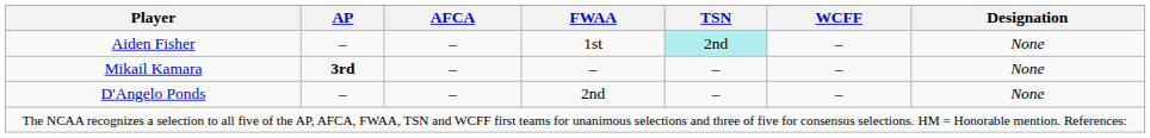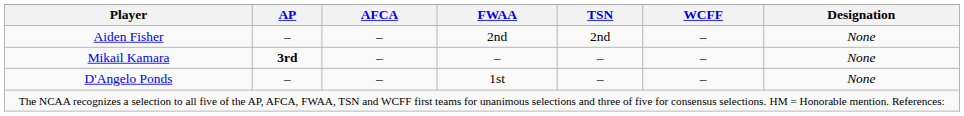 <table class="wikitable" style="width: 90%;text-align: center;">
 <tr>
 </tr>
 <tr>
 <th>Player</th>
 <th><a href='#'><span>AP</span></a></th>
 <th><a href='#'><span>AFCA</span></a></th>
 <th><a href='#'><span>FWAA</span></a></th>
 <th><a href='#'><span>TSN</span></a></th>
 <th><a href='#'><span>WCFF</span></a></th>
 <th>Designation</th>
 </tr>
 <tr>
 <td><a href='#'>Aiden Fisher</a></td>
 <td>–</td>
 <td>–</td>
-<td>1st</td>
-<td style="background: paleturquoise;">2nd</td>
+<td>2nd</td>
+<td>2nd</td>
 <td>–</td>
 <td><em>None</em></td>
 </tr>
 <tr>
 <td><a href='#'>Mikail Kamara</a></td>
 <td><strong>3rd</strong></td>
 <td>–</td>
 <td>–</td>
 <td>–</td>
 <td>–</td>
 <td><em>None</em></td>
 </tr>
 <tr>
 <td><a href='#'>D'Angelo Ponds</a></td>
 <td>–</td>
 <td>–</td>
-<td>2nd</td>
+<td>1st</td>
 <td>–</td>
 <td>–</td>
 <td><em>None</em></td>
 </tr>
 <tr>
 <td colspan=7><small>The NCAA recognizes a selection to all five of the AP, AFCA, FWAA, TSN and WCFF first teams for unanimous selections and three of five for consensus selections.</small> <small>HM = Honorable mention. References:</small></td>
 </tr>
 </table>
